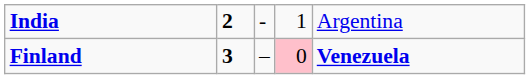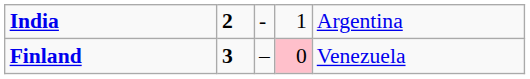 <table class="wikitable">
 <tr>
 <td width=150><strong> <a href='#'>India</a></strong></td>
 <td style="width:20px; text-align:left;"><strong>2</strong></td>
 <td>-</td>
 <td style="width:20px; text-align:right;">1</td>
 <td width=150> <a href='#'>Argentina</a></td>
 </tr>
 <tr>
 <td> <strong><a href='#'>Finland</a></strong></td>
 <td style="text-align:left;"><strong>3</strong></td>
 <td>–</td>
 <td style="background: pink; text-align:right;">0</td>
-<td><strong> <a href='#'>Venezuela</a></strong></td>
+<td> <a href='#'>Venezuela</a></td>
 </tr>
 </table>
